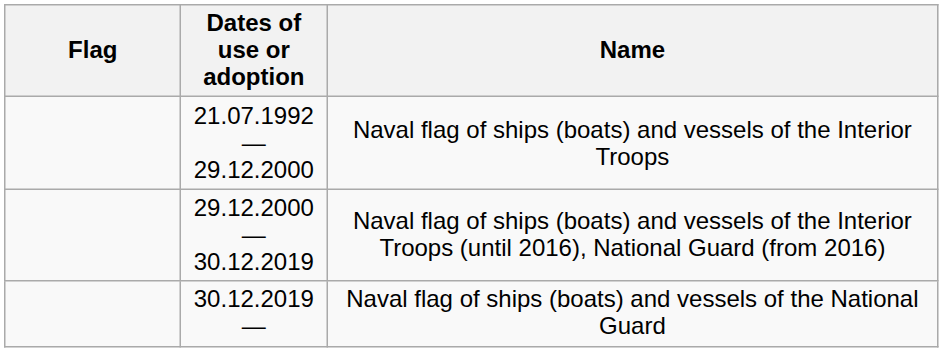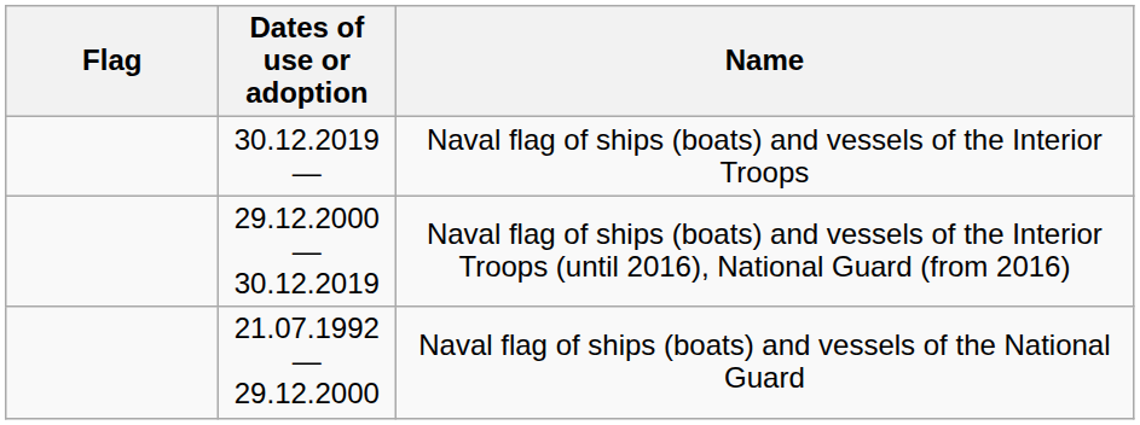 <table class="wikitable">
 <tr>
 <th width="110">Flag</th>
 <th width="90">Dates of use or adoption</th>
 <th width="400">Name</th>
 </tr>
 <tr style="text-align:center;">
 <td></td>
-<td>21.07.1992 — 29.12.2000</td>
+<td>30.12.2019 —</td>
 <td>Naval flag of ships (boats) and vessels of the Interior Troops</td>
 </tr>
 <tr style="text-align:center;">
 <td></td>
 <td>29.12.2000 — 30.12.2019</td>
 <td>Naval flag of ships (boats) and vessels of the Interior Troops (until 2016), National Guard (from 2016)</td>
 </tr>
 <tr style="text-align:center;">
 <td></td>
-<td>30.12.2019 —</td>
+<td>21.07.1992 — 29.12.2000</td>
 <td>Naval flag of ships (boats) and vessels of the National Guard</td>
 </tr>
 </table>
